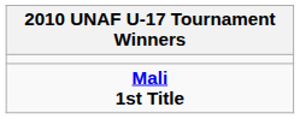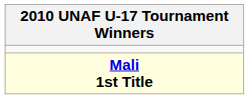 <table class="wikitable" style="text-align: center; margin: 0 auto; width: 20%">
 <tr>
 <th>2010 UNAF U-17 Tournament Winners</th>
 </tr>
 <tr>
 <td></td>
 </tr>
 <tr>
-<td><strong><a href='#'>Mali</a></strong><br><strong>1st Title</strong></td>
+<td style="background: lightyellow;"><strong><a href='#'>Mali</a></strong><br><strong>1st Title</strong></td>
 </tr>
 </table>
